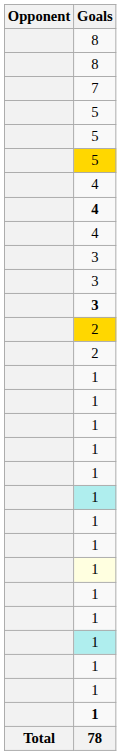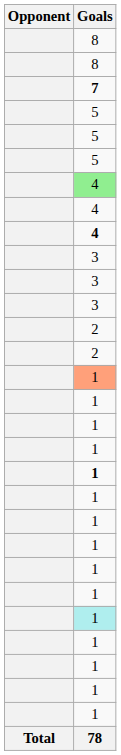 <table class="wikitable plainrowheaders sortable" style="text-align:center; font-size:95%">
 <tr>
 <th scope="col">Opponent</th>
 <th scope="col">Goals</th>
 </tr>
 <tr>
 <th scope="row"></th>
 <td>8</td>
 </tr>
 <tr>
 <th scope="row"></th>
 <td>8</td>
 </tr>
 <tr>
 <th scope="row"></th>
-<td>7</td>
+<td><strong>7</strong></td>
 </tr>
 <tr>
 <th scope="row"></th>
 <td>5</td>
 </tr>
 <tr>
 <th scope="row"></th>
 <td>5</td>
 </tr>
 <tr>
 <th scope="row"></th>
-<td style="background: gold;">5</td>
+<td>5</td>
+</tr>
+<tr>
+<th scope="row"></th>
+<td style="background: lightgreen;">4</td>
 </tr>
 <tr>
 <th scope="row"></th>
 <td>4</td>
 </tr>
 <tr>
 <th scope="row"></th>
 <td><strong>4</strong></td>
 </tr>
 <tr>
 <th scope="row"></th>
-<td>4</td>
+<td>3</td>
 </tr>
 <tr>
 <th scope="row"></th>
 <td>3</td>
 </tr>
 <tr>
 <th scope="row"></th>
 <td>3</td>
 </tr>
 <tr>
 <th scope="row"></th>
-<td><strong>3</strong></td>
-</tr>
-<tr>
-<th scope="row"></th>
-<td style="background: gold;">2</td>
+<td>2</td>
 </tr>
 <tr>
 <th scope="row"></th>
 <td>2</td>
+</tr>
+<tr>
+<th scope="row"></th>
+<td style="background: lightsalmon;">1</td>
+</tr>
+<tr>
+<th scope="row"></th>
+<td>1</td>
+</tr>
+<tr>
+<th scope="row"></th>
+<td>1</td>
+</tr>
+<tr>
+<th scope="row"></th>
+<td>1</td>
+</tr>
+<tr>
+<th scope="row"></th>
+<td><strong>1</strong></td>
 </tr>
 <tr>
 <th scope="row"></th>
 <td>1</td>
 </tr>
 <tr>
 <th scope="row"></th>
 <td>1</td>
 </tr>
 <tr>
 <th scope="row"></th>
 <td>1</td>
 </tr>
 <tr>
 <th scope="row"></th>
 <td>1</td>
 </tr>
 <tr>
 <th scope="row"></th>
 <td>1</td>
 </tr>
 <tr>
 <th scope="row"></th>
 <td style="background: paleturquoise;">1</td>
 </tr>
 <tr>
 <th scope="row"></th>
 <td>1</td>
 </tr>
 <tr>
 <th scope="row"></th>
 <td>1</td>
 </tr>
 <tr>
 <th scope="row"></th>
-<td style="background: lightyellow;">1</td>
-</tr>
-<tr>
-<th scope="row"></th>
 <td>1</td>
 </tr>
 <tr>
 <th scope="row"></th>
 <td>1</td>
 </tr>
 <tr>
-<th scope="row"></th>
-<td style="background: paleturquoise;">1</td>
-</tr>
-<tr>
-<th scope="row"></th>
-<td>1</td>
-</tr>
-<tr>
-<th scope="row"></th>
-<td>1</td>
-</tr>
-<tr>
-<th scope="row"></th>
-<td><strong>1</strong></td>
-</tr>
-<tr>
 <th>Total</th>
 <th>78</th>
 </tr>
 </table>
